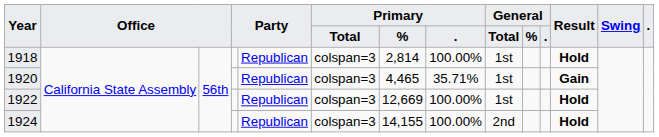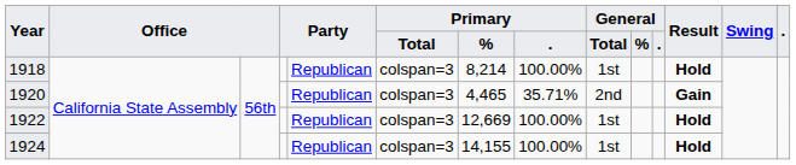 <table class="wikitable" style="font-size:90%; text-align:center;">
 <tr>
 <th style="background-color:#EAECF0;" rowspan=2>Year</th>
 <th colspan="2" rowspan="2" style="background-color:#EAECF0;">Office</th>
 <th style="background-color:#EAECF0;" colspan=2 rowspan=2>Party</th>
 <th style="background-color:#EAECF0;" colspan=3>Primary</th>
 <th style="background-color:#EAECF0;" colspan=3>General</th>
 <th style="background-color:#EAECF0;" rowspan=2>Result</th>
 <th style="background-color:#EAECF0;" colspan=2 rowspan=2><a href='#'>Swing</a></th>
 <th style="background-color:#EAECF0;" rowspan=2>.</th>
 </tr>
 <tr>
 <th style="background-color:#EAECF0;">Total</th>
 <th style="background-color:#EAECF0;">%</th>
 <th style="background-color:#EAECF0;">.</th>
 <th style="background-color:#EAECF0;">Total</th>
 <th style="background-color:#EAECF0;">%</th>
 <th style="background-color:#EAECF0;">.</th>
 </tr>
 <tr>
 <td style="background-color:#EAECF0;">1918</td>
 <td rowspan=4><a href='#'>California State Assembly</a></td>
 <td rowspan="4"><a href='#'>56th</a></td>
 <td style="background-color:"></td>
 <td><a href='#'>Republican</a></td>
 <td>colspan=3 </td>
-<td>2,814</td>
+<td>8,214</td>
 <td>100.00%</td>
 <td>1st</td>
 <td></td>
 <td style="background-color:"></td>
 <td><strong>Hold</strong></td>
 <td rowspan="4"></td>
 </tr>
 <tr>
 <td style="background-color:#EAECF0;">1920</td>
 <td style="background-color:"></td>
 <td><a href='#'>Republican</a></td>
 <td>colspan=3 </td>
 <td>4,465</td>
 <td>35.71%</td>
-<td>1st</td>
+<td>2nd</td>
 <td></td>
 <td style="background-color:"></td>
 <td><strong>Gain</strong></td>
 </tr>
 <tr>
 <td style="background-color:#EAECF0;">1922</td>
 <td style="background-color:"></td>
 <td><a href='#'>Republican</a></td>
 <td>colspan=3 </td>
 <td>12,669</td>
 <td>100.00%</td>
 <td>1st</td>
 <td></td>
 <td style="background-color:"></td>
 <td><strong>Hold</strong></td>
 </tr>
 <tr>
 <td style="background-color:#EAECF0;">1924</td>
 <td style="background-color:"></td>
 <td><a href='#'>Republican</a></td>
 <td>colspan=3 </td>
 <td>14,155</td>
 <td>100.00%</td>
-<td>2nd</td>
+<td>1st</td>
 <td></td>
 <td style="background-color:"></td>
 <td><strong>Hold</strong></td>
 </tr>
 </table>
